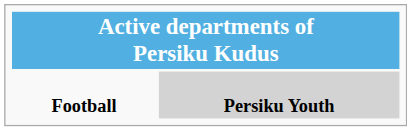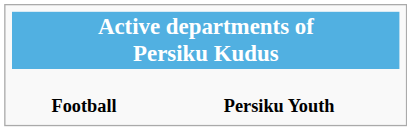 <table class="infobox" style="font-size: 88%; width: 22em; text-align: center">
 <tr>
 <th colspan=3 style="font-size: 125%; background-color:#51B0E1; color:white; text-align:center;">Active departments of<br>Persiku Kudus</th>
 </tr>
 <tr style="text-align: center">
 <td><br><strong>Football</strong></td>
-<td style="background: lightgrey;"><br><strong>Persiku Youth</strong></td>
+<td><br><strong>Persiku Youth</strong></td>
 </tr>
 </table>
